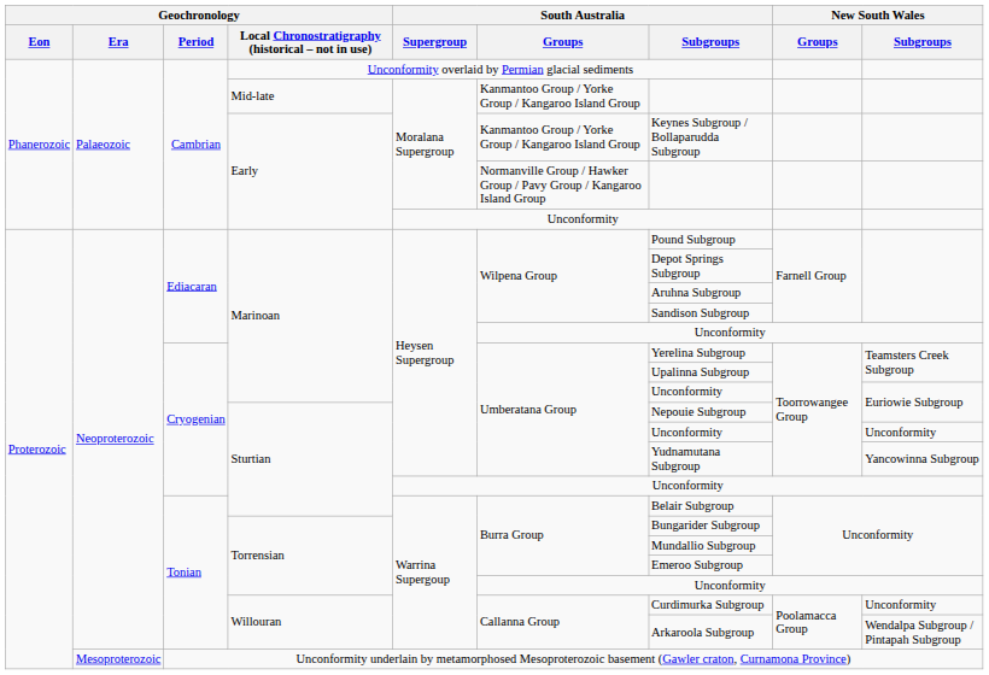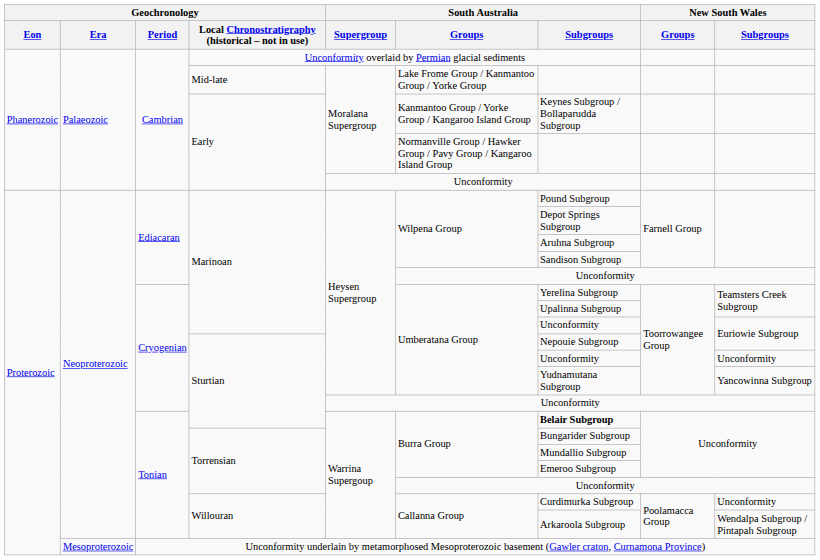 <table class="wikitable">
 <tr>
 <th colspan="4"><strong>Geochronology</strong></th>
 <th colspan="3" align="center"><strong>South Australia</strong></th>
 <th colspan="2"><strong>New South Wales</strong></th>
 </tr>
 <tr>
 <th><a href='#'>Eon</a></th>
 <th><a href='#'>Era</a></th>
 <th><a href='#'>Period</a></th>
 <th>Local <a href='#'>Chronostratigraphy</a> (historical – not in use)</th>
 <th><a href='#'>Supergroup</a></th>
 <th><a href='#'>Groups</a></th>
 <th><a href='#'>Subgroups</a></th>
 <th><a href='#'>Groups</a></th>
 <th><a href='#'>Subgroups</a></th>
 </tr>
 <tr>
 <td rowspan="5" style="background-color: "><a href='#'>Phanerozoic</a></td>
 <td rowspan="5" style="background-color: "><a href='#'>Palaeozoic</a></td>
 <td rowspan="5" align="center" style="background-color: "><a href='#'>Cambrian</a></td>
 <td colspan="4" align="center"><a href='#'>Unconformity</a> overlaid by <a href='#'>Permian</a> glacial sediments</td>
 <td></td>
 <td></td>
 </tr>
 <tr>
 <td rowspan="1">Mid-late</td>
 <td rowspan="3">Moralana Supergroup</td>
-<td>Kanmantoo Group / Yorke Group / Kangaroo Island Group</td>
+<td>Lake Frome Group / Kanmantoo Group / Yorke Group</td>
 <td></td>
 <td></td>
 <td></td>
 </tr>
 <tr>
 <td rowspan="3">Early</td>
 <td>Kanmantoo Group / Yorke Group / Kangaroo Island Group</td>
 <td>Keynes Subgroup / Bollaparudda Subgroup</td>
 <td></td>
 <td></td>
 </tr>
 <tr>
 <td>Normanville Group / Hawker Group / Pavy Group / Kangaroo Island Group</td>
 <td></td>
 <td></td>
 <td></td>
 </tr>
 <tr>
 <td colspan="3" align="center">Unconformity</td>
 <td></td>
 <td></td>
 </tr>
 <tr>
 <td rowspan="20" style="background-color: "><a href='#'>Proterozoic</a></td>
 <td rowspan="19" style="background-color: "><a href='#'>Neoproterozoic</a></td>
 <td rowspan="5" style="background-color: "><a href='#'>Ediacaran</a></td>
 <td rowspan="8">Marinoan</td>
 <td rowspan="11">Heysen Supergroup</td>
 <td rowspan="4">Wilpena Group</td>
 <td>Pound Subgroup</td>
 <td rowspan="4">Farnell Group</td>
 <td rowspan="4"></td>
 </tr>
 <tr>
 <td>Depot Springs Subgroup</td>
 </tr>
 <tr>
 <td>Aruhna Subgroup</td>
 </tr>
 <tr>
 <td>Sandison Subgroup</td>
 </tr>
 <tr>
 <td colspan="4" align="center">Unconformity</td>
 </tr>
 <tr>
 <td rowspan="7" style="background-color: "><a href='#'>Cryogenian</a></td>
 <td rowspan="6">Umberatana Group</td>
 <td>Yerelina Subgroup</td>
 <td rowspan="6">Toorrowangee Group</td>
 <td rowspan="2">Teamsters Creek Subgroup</td>
 </tr>
 <tr>
 <td>Upalinna Subgroup</td>
 </tr>
 <tr>
 <td>Unconformity</td>
 <td rowspan="2">Euriowie Subgroup</td>
 </tr>
 <tr>
 <td rowspan="5">Sturtian</td>
 <td>Nepouie Subgroup</td>
 </tr>
 <tr>
 <td>Unconformity</td>
 <td>Unconformity</td>
 </tr>
 <tr>
 <td>Yudnamutana Subgroup</td>
 <td>Yancowinna Subgroup</td>
 </tr>
 <tr>
 <td colspan="5" align="center">Unconformity</td>
 </tr>
 <tr>
 <td rowspan="7" style="background-color: "><a href='#'>Tonian</a></td>
 <td rowspan="7">Warrina Supergoup</td>
 <td rowspan="4">Burra Group</td>
-<td>Belair Subgroup</td>
+<td><strong>Belair Subgroup</strong></td>
 <td colspan="2" rowspan="4" align="center">Unconformity</td>
 </tr>
 <tr>
 <td rowspan="4">Torrensian</td>
 <td>Bungarider Subgroup</td>
 </tr>
 <tr>
 <td>Mundallio Subgroup</td>
 </tr>
 <tr>
 <td>Emeroo Subgroup</td>
 </tr>
 <tr>
 <td colspan="4" align="center">Unconformity</td>
 </tr>
 <tr>
 <td rowspan="2">Willouran</td>
 <td rowspan="2">Callanna Group</td>
 <td>Curdimurka Subgroup</td>
 <td rowspan="2">Poolamacca Group</td>
 <td>Unconformity</td>
 </tr>
 <tr>
 <td>Arkaroola Subgroup</td>
 <td>Wendalpa Subgroup / Pintapah Subgroup</td>
 </tr>
 <tr>
 <td style="background-color: "><a href='#'>Mesoproterozoic</a></td>
 <td colspan="7" align="center">Unconformity underlain by metamorphosed Mesoproterozoic basement (<a href='#'>Gawler craton</a>, <a href='#'>Curnamona Province</a>)</td>
 </tr>
 </table>
